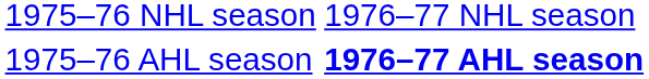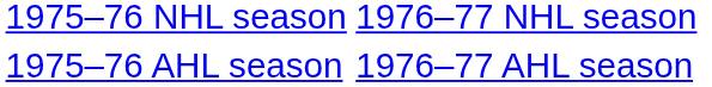 <table>
 <tr>
 <td><a href='#'>1975–76 NHL season</a></td>
 <td><a href='#'>1976–77 NHL season</a></td>
 </tr>
 <tr>
 <td><a href='#'>1975–76 AHL season</a></td>
-<td><strong><a href='#'>1976–77 AHL season</a></strong></td>
+<td><a href='#'>1976–77 AHL season</a></td>
 </tr>
 <tr>
 </tr>
 </table>
